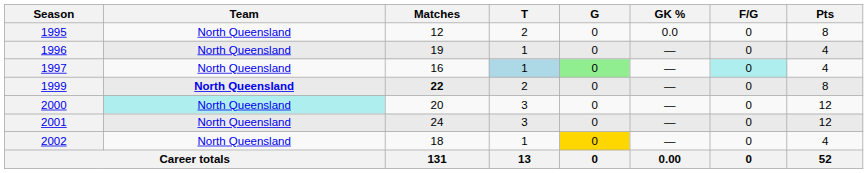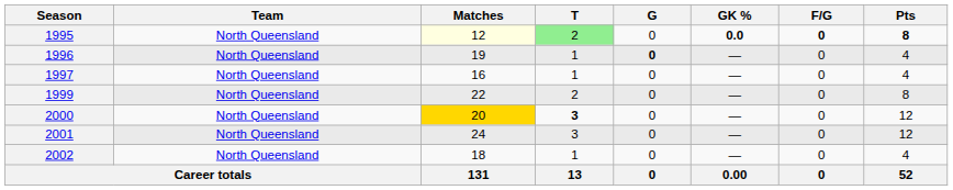 <table class="wikitable sortable"  style="font-size:90%; text-align:center; width:85%;">
 <tr>
 <th width=2%>Season</th>
 <th width=8%>Team</th>
 <th width=2%>Matches</th>
 <th width=2%>T</th>
 <th width=2%>G</th>
 <th width=2%>GK %</th>
 <th width=2%>F/G</th>
 <th width=2%>Pts</th>
 </tr>
 <tr>
 <th scope="row" style="text-align:center; font-weight:normal"><a href='#'>1995</a></th>
 <td style="text-align:center;"> <a href='#'>North Queensland</a></td>
-<td>12</td>
-<td>2</td>
+<td style="background: lightyellow;">12</td>
+<td style="background: lightgreen;">2</td>
 <td>0</td>
-<td>0.0</td>
-<td>0</td>
-<td>8</td>
+<td><strong>0.0</strong></td>
+<td><strong>0</strong></td>
+<td><strong>8</strong></td>
 </tr>
 <tr style="background-color: #EAEAEA">
 <th scope="row" style="text-align:center; font-weight:normal"><a href='#'>1996</a></th>
 <td style="text-align:center;"> <a href='#'>North Queensland</a></td>
 <td>19</td>
 <td>1</td>
-<td>0</td>
+<td><strong>0</strong></td>
 <td>—</td>
 <td>0</td>
 <td>4</td>
 </tr>
 <tr>
 <th scope="row" style="text-align:center; font-weight:normal"><a href='#'>1997</a></th>
 <td style="text-align:center;"> <a href='#'>North Queensland</a></td>
 <td>16</td>
-<td style="background: lightblue;">1</td>
-<td style="background: lightgreen;">0</td>
+<td>1</td>
+<td>0</td>
 <td>—</td>
-<td style="background: paleturquoise;">0</td>
+<td>0</td>
 <td>4</td>
 </tr>
 <tr style="background-color: #EAEAEA">
 <th scope="row" style="text-align:center; font-weight:normal"><a href='#'>1999</a></th>
-<td style="text-align:center;"><strong> <a href='#'>North Queensland</a></strong></td>
-<td><strong>22</strong></td>
+<td style="text-align:center;"> <a href='#'>North Queensland</a></td>
+<td>22</td>
 <td>2</td>
 <td>0</td>
 <td>—</td>
 <td>0</td>
 <td>8</td>
 </tr>
 <tr>
 <th scope="row" style="text-align:center; font-weight:normal"><a href='#'>2000</a></th>
-<td style="background: paleturquoise; text-align:center;"> <a href='#'>North Queensland</a></td>
-<td>20</td>
-<td>3</td>
+<td style="text-align:center;"> <a href='#'>North Queensland</a></td>
+<td style="background: gold;">20</td>
+<td><strong>3</strong></td>
 <td>0</td>
 <td>—</td>
 <td>0</td>
 <td>12</td>
 </tr>
 <tr style="background-color: #EAEAEA">
 <th scope="row" style="text-align:center; font-weight:normal"><a href='#'>2001</a></th>
 <td style="text-align:center;"> <a href='#'>North Queensland</a></td>
 <td>24</td>
 <td>3</td>
 <td>0</td>
 <td>—</td>
 <td>0</td>
 <td>12</td>
 </tr>
 <tr>
 <th scope="row" style="text-align:center; font-weight:normal"><a href='#'>2002</a></th>
 <td style="text-align:center;"> <a href='#'>North Queensland</a></td>
 <td>18</td>
 <td>1</td>
-<td style="background: gold;">0</td>
+<td>0</td>
 <td>—</td>
 <td>0</td>
 <td>4</td>
 </tr>
 <tr class="sortbottom">
 <th colspan=2>Career totals</th>
 <th>131</th>
 <th>13</th>
 <th>0</th>
 <th>0.00</th>
 <th>0</th>
 <th>52</th>
 </tr>
 </table>
